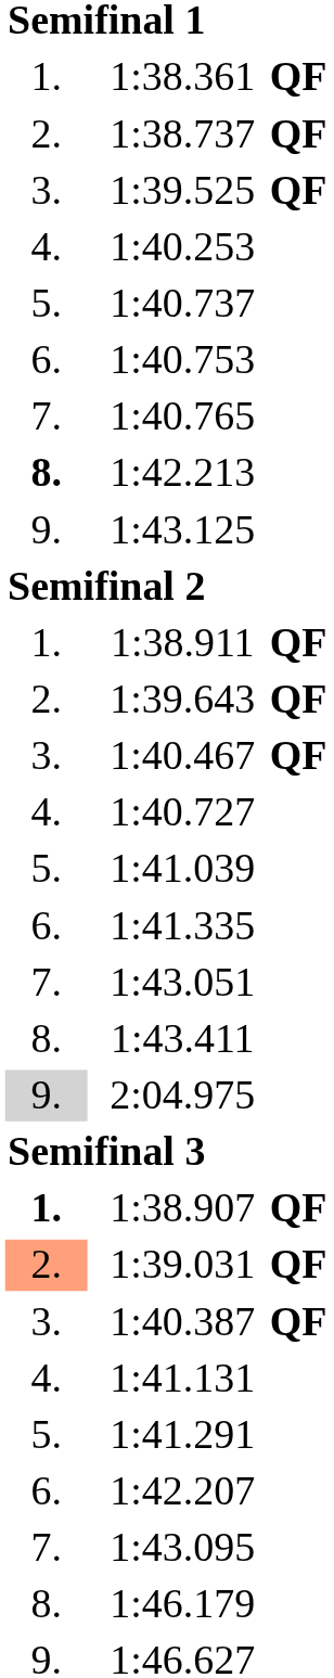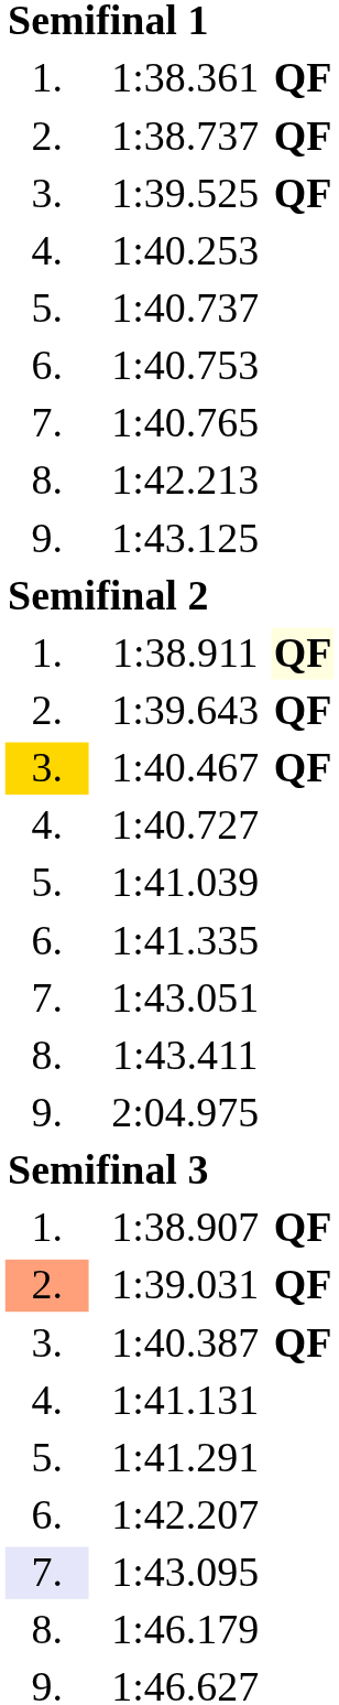 <table style="text-align:center">
 <tr>
 <td colspan="4" style="text-align:left;"><strong>Semifinal 1</strong></td>
 </tr>
 <tr>
 <td width=30>1.</td>
 <td align=left></td>
 <td width=60>1:38.361</td>
 <td><strong>QF</strong></td>
 </tr>
 <tr>
 <td>2.</td>
 <td align=left></td>
 <td>1:38.737</td>
 <td><strong>QF</strong></td>
 </tr>
 <tr>
 <td>3.</td>
 <td align=left></td>
 <td>1:39.525</td>
 <td><strong>QF</strong></td>
 </tr>
 <tr>
 <td>4.</td>
 <td align=left></td>
 <td>1:40.253</td>
 </tr>
 <tr>
 <td>5.</td>
 <td align=left></td>
 <td>1:40.737</td>
 </tr>
 <tr>
 <td>6.</td>
 <td align=left></td>
 <td>1:40.753</td>
 </tr>
 <tr>
 <td>7.</td>
 <td align=left></td>
 <td>1:40.765</td>
 </tr>
 <tr>
-<td><strong>8.</strong></td>
+<td>8.</td>
 <td align=left></td>
 <td>1:42.213</td>
 </tr>
 <tr>
 <td>9.</td>
 <td align=left></td>
 <td>1:43.125</td>
 </tr>
 <tr>
 <td colspan="4" style="text-align:left;"><strong>Semifinal 2</strong></td>
 </tr>
 <tr>
 <td>1.</td>
 <td align=left></td>
 <td>1:38.911</td>
-<td><strong>QF</strong></td>
+<td style="background: lightyellow;"><strong>QF</strong></td>
 </tr>
 <tr>
 <td>2.</td>
 <td align=left></td>
 <td>1:39.643</td>
 <td><strong>QF</strong></td>
 </tr>
 <tr>
-<td>3.</td>
+<td style="background: gold;">3.</td>
 <td align=left></td>
 <td>1:40.467</td>
 <td><strong>QF</strong></td>
 </tr>
 <tr>
 <td>4.</td>
 <td align=left></td>
 <td>1:40.727</td>
 </tr>
 <tr>
 <td>5.</td>
 <td align=left></td>
 <td>1:41.039</td>
 </tr>
 <tr>
 <td>6.</td>
 <td align=left></td>
 <td>1:41.335</td>
 </tr>
 <tr>
 <td>7.</td>
 <td align=left></td>
 <td>1:43.051</td>
 </tr>
 <tr>
 <td>8.</td>
 <td align=left></td>
 <td>1:43.411</td>
 </tr>
 <tr>
-<td style="background: lightgrey;">9.</td>
+<td>9.</td>
 <td align=left></td>
 <td>2:04.975</td>
 </tr>
 <tr>
 <td colspan="4" style="text-align:left;"><strong>Semifinal 3</strong></td>
 </tr>
 <tr>
-<td><strong>1.</strong></td>
+<td>1.</td>
 <td align=left></td>
 <td>1:38.907</td>
 <td><strong>QF</strong></td>
 </tr>
 <tr>
 <td style="background: lightsalmon;">2.</td>
 <td align=left></td>
 <td>1:39.031</td>
 <td><strong>QF</strong></td>
 </tr>
 <tr>
 <td>3.</td>
 <td align=left></td>
 <td>1:40.387</td>
 <td><strong>QF</strong></td>
 </tr>
 <tr>
 <td>4.</td>
 <td align=left></td>
 <td>1:41.131</td>
 </tr>
 <tr>
 <td>5.</td>
 <td align=left></td>
 <td>1:41.291</td>
 </tr>
 <tr>
 <td>6.</td>
 <td align=left></td>
 <td>1:42.207</td>
 </tr>
 <tr>
-<td>7.</td>
+<td style="background: lavender;">7.</td>
 <td align=left></td>
 <td>1:43.095</td>
 </tr>
 <tr>
 <td>8.</td>
 <td align=left></td>
 <td>1:46.179</td>
 </tr>
 <tr>
 <td>9.</td>
 <td align=left></td>
 <td>1:46.627</td>
 </tr>
 </table>
